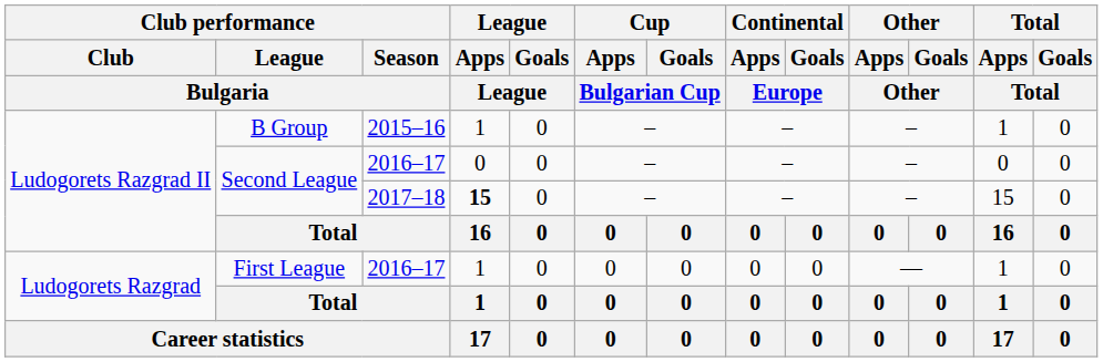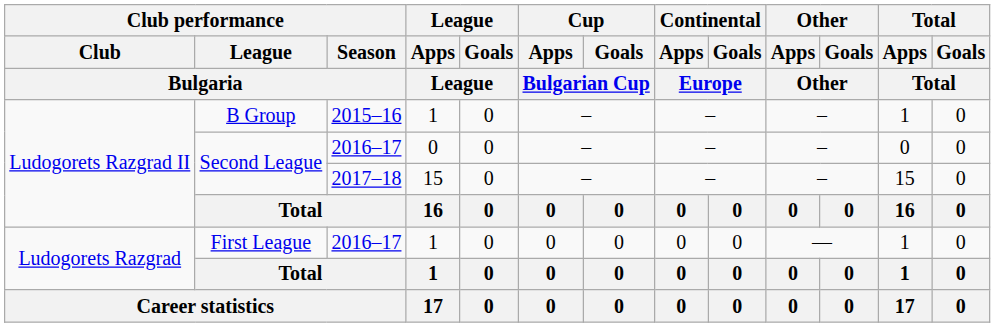 <table class="wikitable" style="text-align: center">
 <tr>
 <th Colspan="3">Club performance</th>
 <th Colspan="2">League</th>
 <th Colspan="2">Cup</th>
 <th Colspan="2">Continental</th>
 <th Colspan="2">Other</th>
 <th Colspan="3">Total</th>
 </tr>
 <tr>
 <th>Club</th>
 <th>League</th>
 <th>Season</th>
 <th>Apps</th>
 <th>Goals</th>
 <th>Apps</th>
 <th>Goals</th>
 <th>Apps</th>
 <th>Goals</th>
 <th>Apps</th>
 <th>Goals</th>
 <th>Apps</th>
 <th>Goals</th>
 </tr>
 <tr>
 <th Colspan="3">Bulgaria</th>
 <th Colspan="2">League</th>
 <th Colspan="2"><a href='#'>Bulgarian Cup</a></th>
 <th Colspan="2"><a href='#'>Europe</a></th>
 <th Colspan="2">Other</th>
 <th Colspan="2">Total</th>
 </tr>
 <tr>
 <td rowspan="4" valign="center"><a href='#'>Ludogorets Razgrad II</a></td>
 <td rowspan="1"><a href='#'>B Group</a></td>
 <td><a href='#'>2015–16</a></td>
 <td>1</td>
 <td>0</td>
 <td colspan="2">–</td>
 <td colspan="2">–</td>
 <td colspan="2">–</td>
 <td>1</td>
 <td>0</td>
 </tr>
 <tr>
 <td rowspan="2"><a href='#'>Second League</a></td>
 <td><a href='#'>2016–17</a></td>
 <td>0</td>
 <td>0</td>
 <td colspan="2">–</td>
 <td colspan="2">–</td>
 <td colspan="2">–</td>
 <td>0</td>
 <td>0</td>
 </tr>
 <tr>
 <td><a href='#'>2017–18</a></td>
-<td><strong>15</strong></td>
+<td>15</td>
 <td>0</td>
 <td colspan="2">–</td>
 <td colspan="2">–</td>
 <td colspan="2">–</td>
 <td>15</td>
 <td>0</td>
 </tr>
 <tr>
 <th colspan=2>Total</th>
 <th>16</th>
 <th>0</th>
 <th>0</th>
 <th>0</th>
 <th>0</th>
 <th>0</th>
 <th>0</th>
 <th>0</th>
 <th>16</th>
 <th>0</th>
 </tr>
 <tr>
 <td rowspan="2" valign="center"><a href='#'>Ludogorets Razgrad</a></td>
 <td rowspan="1"><a href='#'>First League</a></td>
 <td><a href='#'>2016–17</a></td>
 <td>1</td>
 <td>0</td>
 <td>0</td>
 <td>0</td>
 <td>0</td>
 <td>0</td>
 <td colspan="2">—</td>
 <td>1</td>
 <td>0</td>
 </tr>
 <tr>
 <th colspan=2>Total</th>
 <th>1</th>
 <th>0</th>
 <th>0</th>
 <th>0</th>
 <th>0</th>
 <th>0</th>
 <th>0</th>
 <th>0</th>
 <th>1</th>
 <th>0</th>
 </tr>
 <tr>
 <th colspan="3">Career statistics</th>
 <th>17</th>
 <th>0</th>
 <th>0</th>
 <th>0</th>
 <th>0</th>
 <th>0</th>
 <th>0</th>
 <th>0</th>
 <th>17</th>
 <th>0</th>
 </tr>
 </table>
